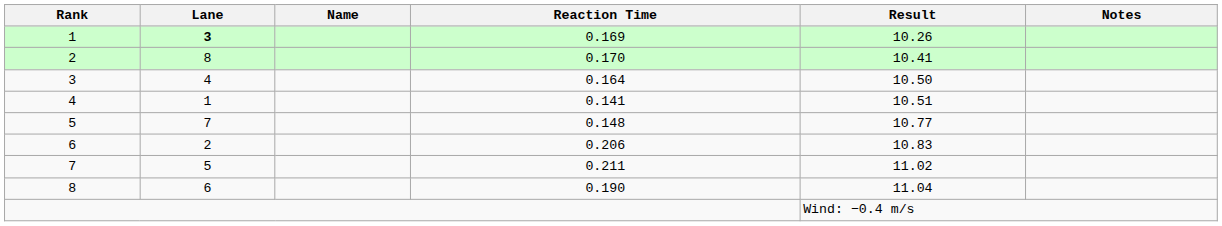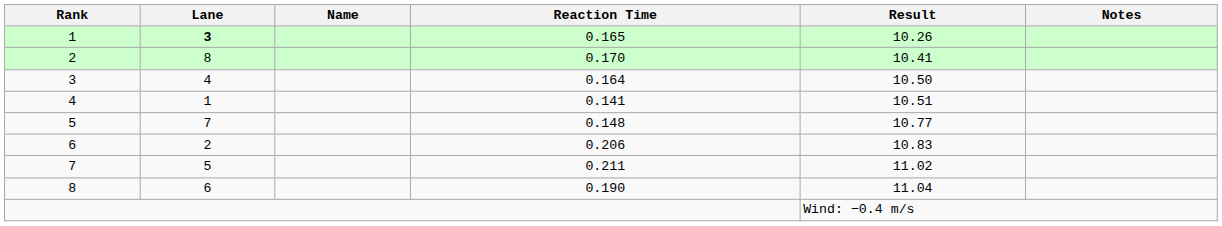 <table class="wikitable" style="text-align:center;width: 60%">
 <tr>
 <th>Rank</th>
 <th>Lane</th>
 <th>Name</th>
 <th>Reaction Time</th>
 <th>Result</th>
 <th>Notes</th>
 </tr>
 <tr bgcolor=ccffcc>
 <td>1</td>
 <td><strong>3</strong></td>
 <td align="left"></td>
-<td>0.169</td>
+<td>0.165</td>
 <td>10.26</td>
 <td></td>
 </tr>
 <tr bgcolor=ccffcc>
 <td>2</td>
 <td>8</td>
 <td align="left"></td>
 <td>0.170</td>
 <td>10.41</td>
 <td></td>
 </tr>
 <tr>
 <td>3</td>
 <td>4</td>
 <td align="left"></td>
 <td>0.164</td>
 <td>10.50</td>
 <td></td>
 </tr>
 <tr>
 <td>4</td>
 <td>1</td>
 <td align="left"></td>
 <td>0.141</td>
 <td>10.51</td>
 <td></td>
 </tr>
 <tr>
 <td>5</td>
 <td>7</td>
 <td align="left"></td>
 <td>0.148</td>
 <td>10.77</td>
 <td></td>
 </tr>
 <tr>
 <td>6</td>
 <td>2</td>
 <td align="left"></td>
 <td>0.206</td>
 <td>10.83</td>
 <td></td>
 </tr>
 <tr>
 <td>7</td>
 <td>5</td>
 <td align="left"></td>
 <td>0.211</td>
 <td>11.02</td>
 <td></td>
 </tr>
 <tr>
 <td>8</td>
 <td>6</td>
 <td align="left"></td>
 <td>0.190</td>
 <td>11.04</td>
 <td></td>
 </tr>
 <tr class="sortbottom">
 <td colspan=4></td>
 <td colspan="2" style="text-align:left;">Wind: −0.4 m/s</td>
 </tr>
 </table>
